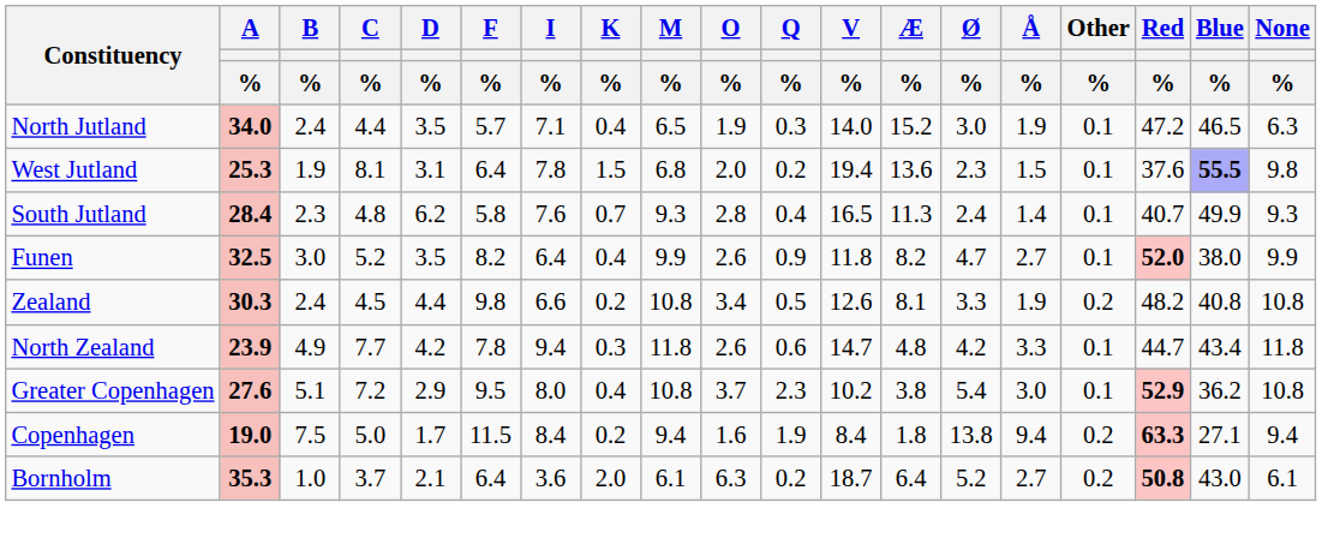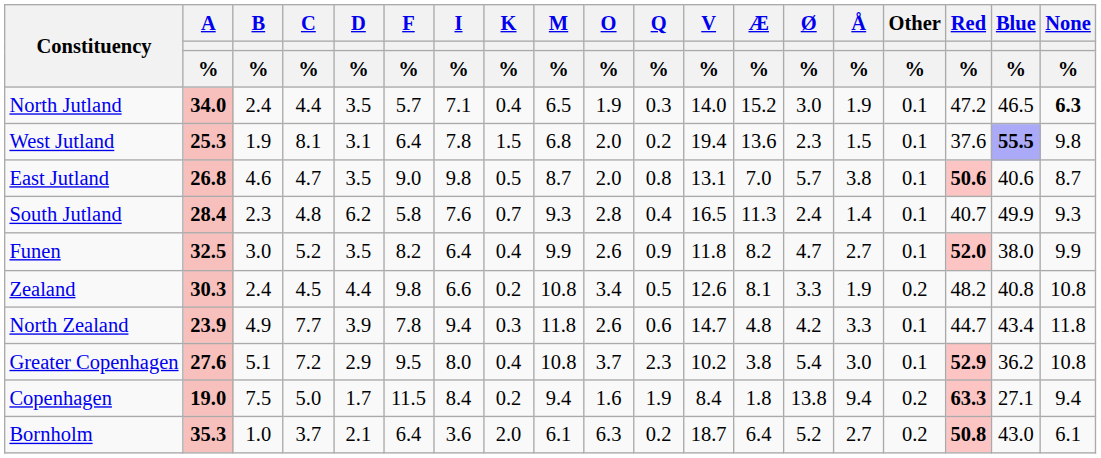 <table class="wikitable sortable" style="text-align:right; font-size:95%; line-height:20px;">
 <tr>
 <th rowspan="3">Constituency</th>
 <th width="30px" class="unsortable"><a href='#'>A</a></th>
 <th width="30px" class="unsortable"><a href='#'>B</a></th>
 <th width="30px" class="unsortable"><a href='#'>C</a></th>
 <th width="30px" class="unsortable"><a href='#'>D</a></th>
 <th width="30px" class="unsortable"><a href='#'>F</a></th>
 <th width="30px" class="unsortable"><a href='#'>I</a></th>
 <th width="30px" class="unsortable"><a href='#'>K</a></th>
 <th width="30px" class="unsortable"><a href='#'>M</a></th>
 <th width="30px" class="unsortable"><a href='#'>O</a></th>
 <th width="30px" class="unsortable"><a href='#'>Q</a></th>
 <th width="30px" class="unsortable"><a href='#'>V</a></th>
 <th width="30px" class="unsortable"><a href='#'>Æ</a></th>
 <th width="30px" class="unsortable"><a href='#'>Ø</a></th>
 <th width="30px" class="unsortable"><a href='#'>Å</a></th>
 <th width="30px" class="unsortable">Other</th>
 <th><a href='#'>Red</a></th>
 <th><a href='#'>Blue</a></th>
 <th><a href='#'>None</a></th>
 </tr>
 <tr>
 <th style="background:"></th>
 <th style="background:"></th>
 <th style="background:"></th>
 <th style="background:"></th>
 <th style="background:"></th>
 <th style="background:"></th>
 <th style="background:"></th>
 <th style="background:"></th>
 <th style="background:"></th>
 <th style="background:"></th>
 <th style="background:"></th>
 <th style="background:"></th>
 <th style="background:"></th>
 <th style="background:"></th>
 <th style="background:"></th>
 <th style="background:"></th>
 <th style="background:"></th>
 <th style="background:"></th>
 </tr>
 <tr>
 <th align="center" data-sort-type="number">%</th>
 <th align="center" data-sort-type="number">%</th>
 <th align="center" data-sort-type="number">%</th>
 <th align="center" data-sort-type="number">%</th>
 <th align="center" data-sort-type="number">%</th>
 <th align="center" data-sort-type="number">%</th>
 <th align="center" data-sort-type="number">%</th>
 <th align="center" data-sort-type="number">%</th>
 <th align="center" data-sort-type="number">%</th>
 <th align="center" data-sort-type="number">%</th>
 <th align="center" data-sort-type="number">%</th>
 <th align="center" data-sort-type="number">%</th>
 <th align="center" data-sort-type="number">%</th>
 <th align="center" data-sort-type="number">%</th>
 <th align="center" data-sort-type="number">%</th>
 <th align="center" data-sort-type="number">%</th>
 <th align="center" data-sort-type="number">%</th>
 <th align="center" data-sort-type="number">%</th>
 </tr>
 <tr>
 <td align="left"><a href='#'>North Jutland</a></td>
 <td align="center" bgcolor=#f7c0bc><strong>34.0</strong></td>
 <td align="center">2.4</td>
 <td align="center">4.4</td>
 <td align="center">3.5</td>
 <td align="center">5.7</td>
 <td align="center">7.1</td>
 <td align="center">0.4</td>
 <td align="center">6.5</td>
 <td align="center">1.9</td>
 <td align="center">0.3</td>
 <td align="center">14.0</td>
 <td align="center">15.2</td>
 <td align="center">3.0</td>
 <td align="center">1.9</td>
 <td align="center">0.1</td>
 <td align="center">47.2</td>
 <td align="center">46.5</td>
-<td align="center">6.3</td>
+<td align="center"><strong>6.3</strong></td>
 </tr>
 <tr>
 <td align="left"><a href='#'>West Jutland</a></td>
 <td align="center" bgcolor=#f7c0bc><strong>25.3</strong></td>
 <td align="center">1.9</td>
 <td align="center">8.1</td>
 <td align="center">3.1</td>
 <td align="center">6.4</td>
 <td align="center">7.8</td>
 <td align="center">1.5</td>
 <td align="center">6.8</td>
 <td align="center">2.0</td>
 <td align="center">0.2</td>
 <td align="center">19.4</td>
 <td align="center">13.6</td>
 <td align="center">2.3</td>
 <td align="center">1.5</td>
 <td align="center">0.1</td>
 <td align="center">37.6</td>
 <td align="center" bgcolor=#aaaaf8><strong>55.5</strong></td>
 <td align="center">9.8</td>
+</tr>
+<tr>
+<td align="left"><a href='#'>East Jutland</a></td>
+<td align="center" bgcolor=#f7c0bc><strong>26.8</strong></td>
+<td align="center">4.6</td>
+<td align="center">4.7</td>
+<td align="center">3.5</td>
+<td align="center">9.0</td>
+<td align="center">9.8</td>
+<td align="center">0.5</td>
+<td align="center">8.7</td>
+<td align="center">2.0</td>
+<td align="center">0.8</td>
+<td align="center">13.1</td>
+<td align="center">7.0</td>
+<td align="center">5.7</td>
+<td align="center">3.8</td>
+<td align="center">0.1</td>
+<td align="center" bgcolor=#fdc4c4><strong>50.6</strong></td>
+<td align="center">40.6</td>
+<td align="center">8.7</td>
 </tr>
 <tr>
 <td align="left"><a href='#'>South Jutland</a></td>
 <td align="center" bgcolor=#f7c0bc><strong>28.4</strong></td>
 <td align="center">2.3</td>
 <td align="center">4.8</td>
 <td align="center">6.2</td>
 <td align="center">5.8</td>
 <td align="center">7.6</td>
 <td align="center">0.7</td>
 <td align="center">9.3</td>
 <td align="center">2.8</td>
 <td align="center">0.4</td>
 <td align="center">16.5</td>
 <td align="center">11.3</td>
 <td align="center">2.4</td>
 <td align="center">1.4</td>
 <td align="center">0.1</td>
 <td align="center">40.7</td>
 <td align="center">49.9</td>
 <td align="center">9.3</td>
 </tr>
 <tr>
 <td align="left"><a href='#'>Funen</a></td>
 <td align="center" bgcolor=#f7c0bc><strong>32.5</strong></td>
 <td align="center">3.0</td>
 <td align="center">5.2</td>
 <td align="center">3.5</td>
 <td align="center">8.2</td>
 <td align="center">6.4</td>
 <td align="center">0.4</td>
 <td align="center">9.9</td>
 <td align="center">2.6</td>
 <td align="center">0.9</td>
 <td align="center">11.8</td>
 <td align="center">8.2</td>
 <td align="center">4.7</td>
 <td align="center">2.7</td>
 <td align="center">0.1</td>
 <td align="center" bgcolor=#fdc4c4><strong>52.0</strong></td>
 <td align="center">38.0</td>
 <td align="center">9.9</td>
 </tr>
 <tr>
 <td align="left"><a href='#'>Zealand</a></td>
 <td align="center" bgcolor=#f7c0bc><strong>30.3</strong></td>
 <td align="center">2.4</td>
 <td align="center">4.5</td>
 <td align="center">4.4</td>
 <td align="center">9.8</td>
 <td align="center">6.6</td>
 <td align="center">0.2</td>
 <td align="center">10.8</td>
 <td align="center">3.4</td>
 <td align="center">0.5</td>
 <td align="center">12.6</td>
 <td align="center">8.1</td>
 <td align="center">3.3</td>
 <td align="center">1.9</td>
 <td align="center">0.2</td>
 <td align="center">48.2</td>
 <td align="center">40.8</td>
 <td align="center">10.8</td>
 </tr>
 <tr>
 <td align="left"><a href='#'>North Zealand</a></td>
 <td align="center" bgcolor=#f7c0bc><strong>23.9</strong></td>
 <td align="center">4.9</td>
 <td align="center">7.7</td>
-<td align="center">4.2</td>
+<td align="center">3.9</td>
 <td align="center">7.8</td>
 <td align="center">9.4</td>
 <td align="center">0.3</td>
 <td align="center">11.8</td>
 <td align="center">2.6</td>
 <td align="center">0.6</td>
 <td align="center">14.7</td>
 <td align="center">4.8</td>
 <td align="center">4.2</td>
 <td align="center">3.3</td>
 <td align="center">0.1</td>
 <td align="center">44.7</td>
 <td align="center">43.4</td>
 <td align="center">11.8</td>
 </tr>
 <tr>
 <td align="left"><a href='#'>Greater Copenhagen</a></td>
 <td align="center" bgcolor=#f7c0bc><strong>27.6</strong></td>
 <td align="center">5.1</td>
 <td align="center">7.2</td>
 <td align="center">2.9</td>
 <td align="center">9.5</td>
 <td align="center">8.0</td>
 <td align="center">0.4</td>
 <td align="center">10.8</td>
 <td align="center">3.7</td>
 <td align="center">2.3</td>
 <td align="center">10.2</td>
 <td align="center">3.8</td>
 <td align="center">5.4</td>
 <td align="center">3.0</td>
 <td align="center">0.1</td>
 <td align="center" bgcolor=#fdc4c4><strong>52.9</strong></td>
 <td align="center">36.2</td>
 <td align="center">10.8</td>
 </tr>
 <tr>
 <td align="left"><a href='#'>Copenhagen</a></td>
 <td align="center" bgcolor=#f7c0bc><strong>19.0</strong></td>
 <td align="center">7.5</td>
 <td align="center">5.0</td>
 <td align="center">1.7</td>
 <td align="center">11.5</td>
 <td align="center">8.4</td>
 <td align="center">0.2</td>
 <td align="center">9.4</td>
 <td align="center">1.6</td>
 <td align="center">1.9</td>
 <td align="center">8.4</td>
 <td align="center">1.8</td>
 <td align="center">13.8</td>
 <td align="center">9.4</td>
 <td align="center">0.2</td>
 <td align="center" bgcolor=#fdc4c4><strong>63.3</strong></td>
 <td align="center">27.1</td>
 <td align="center">9.4</td>
 </tr>
 <tr>
 <td align="left"><a href='#'>Bornholm</a></td>
 <td align="center" bgcolor=#f7c0bc><strong>35.3</strong></td>
 <td align="center">1.0</td>
 <td align="center">3.7</td>
 <td align="center">2.1</td>
 <td align="center">6.4</td>
 <td align="center">3.6</td>
 <td align="center">2.0</td>
 <td align="center">6.1</td>
 <td align="center">6.3</td>
 <td align="center">0.2</td>
 <td align="center">18.7</td>
 <td align="center">6.4</td>
 <td align="center">5.2</td>
 <td align="center">2.7</td>
 <td align="center">0.2</td>
 <td align="center" bgcolor=#fdc4c4><strong>50.8</strong></td>
 <td align="center">43.0</td>
 <td align="center">6.1</td>
 </tr>
 </table>
